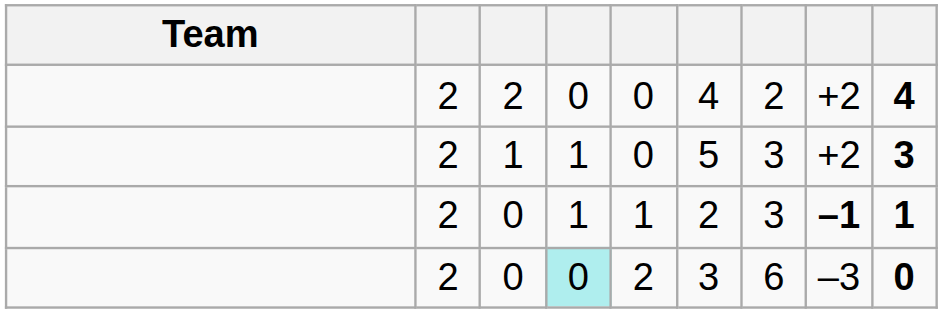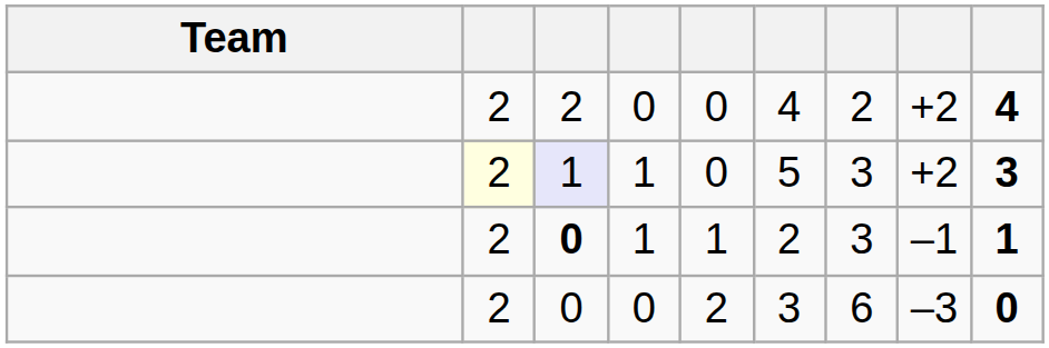 <table class="wikitable" align="right" style="text-align:center">
 <tr>
 <th width="165">Team</th>
 <th width=20></th>
 <th width=20></th>
 <th width=20></th>
 <th width=20></th>
 <th width=20></th>
 <th width=20></th>
 <th width=20></th>
 <th width=20></th>
 </tr>
 <tr>
 <td align="left"></td>
 <td>2</td>
 <td>2</td>
 <td>0</td>
 <td>0</td>
 <td>4</td>
 <td>2</td>
 <td>+2</td>
 <td><strong>4</strong></td>
 </tr>
 <tr>
 <td align="left"></td>
-<td>2</td>
-<td>1</td>
+<td style="background: lightyellow;">2</td>
+<td style="background: lavender;">1</td>
 <td>1</td>
 <td>0</td>
 <td>5</td>
 <td>3</td>
 <td>+2</td>
 <td><strong>3</strong></td>
 </tr>
 <tr>
 <td align="left"></td>
 <td>2</td>
-<td>0</td>
+<td><strong>0</strong></td>
 <td>1</td>
 <td>1</td>
 <td>2</td>
 <td>3</td>
-<td><strong>–1</strong></td>
+<td>–1</td>
 <td><strong>1</strong></td>
 </tr>
 <tr>
 <td align="left"></td>
 <td>2</td>
 <td>0</td>
-<td style="background: paleturquoise;">0</td>
+<td>0</td>
 <td>2</td>
 <td>3</td>
 <td>6</td>
 <td>–3</td>
 <td><strong>0</strong></td>
 </tr>
 </table>
